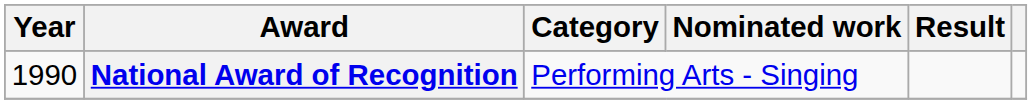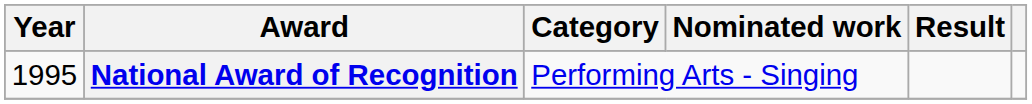 <table class="wikitable plainrowheaders sortable">
 <tr>
 <th scope="col">Year</th>
 <th scope="col">Award</th>
 <th scope="col">Category</th>
 <th scope="col">Nominated work</th>
 <th scope="col">Result</th>
 <th scope="col" class="unsortable"></th>
 </tr>
 <tr>
-<td>1990</td>
+<td>1995</td>
 <th scope="row"><a href='#'>National Award of Recognition</a></th>
 <td colspan="2"><a href='#'>Performing Arts - Singing</a></td>
 <td></td>
 <td style="text-align:center;"></td>
 </tr>
 <tr>
 </tr>
 </table>
